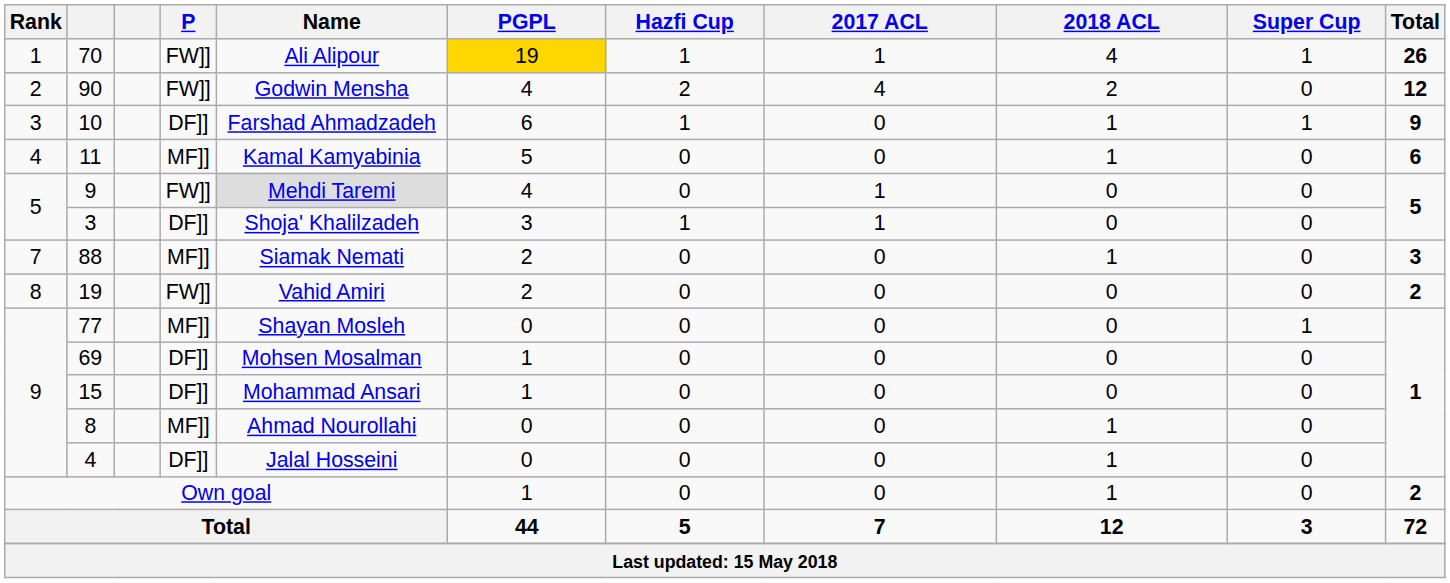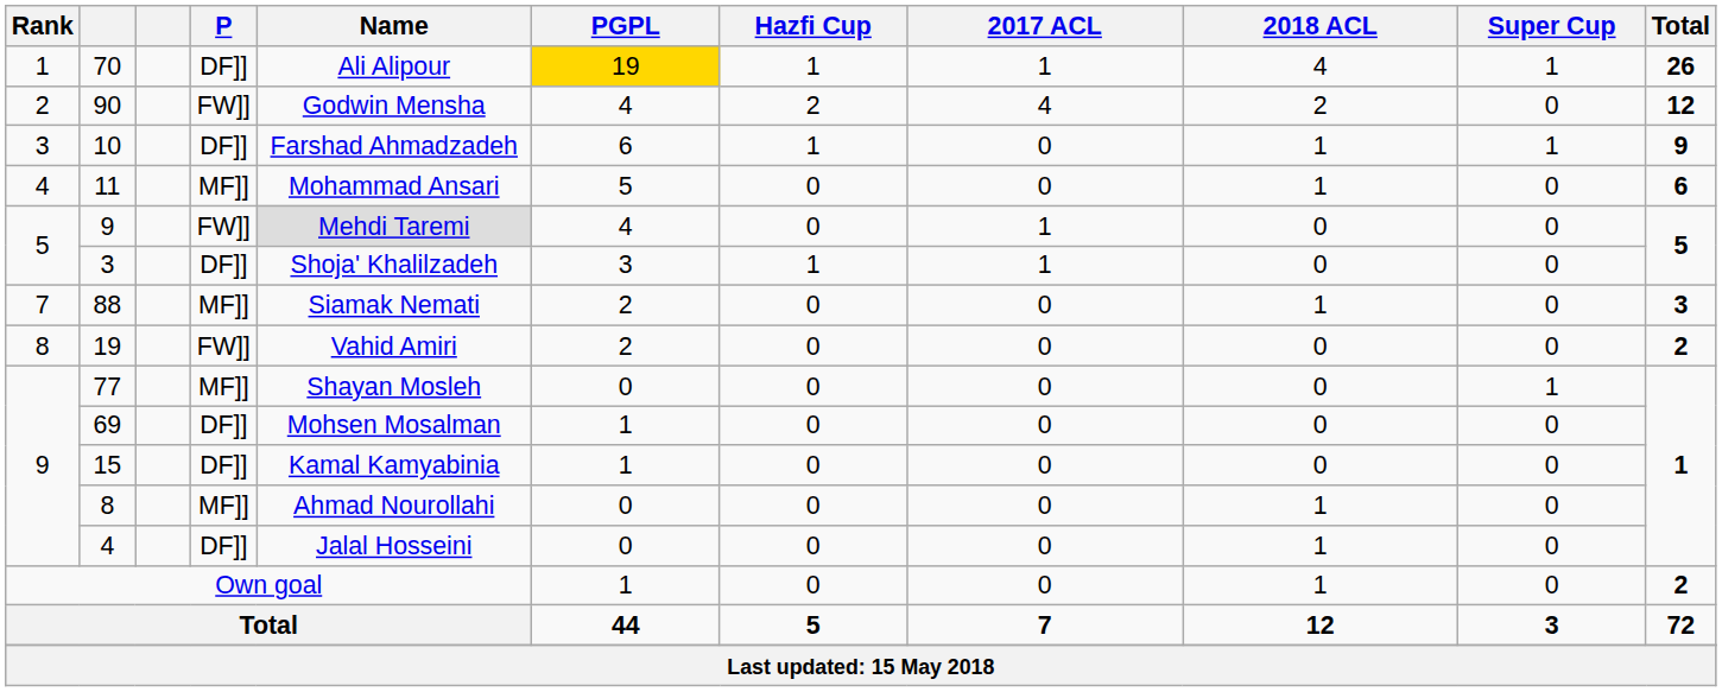 <table class="wikitable" style="text-align:center; font-size:90%">
 <tr>
 <th width=25>Rank</th>
 <th width=25></th>
 <th width=25></th>
 <th width=25><a href='#'>P</a></th>
 <th width=150>Name</th>
 <th width=100><a href='#'>PGPL</a></th>
 <th width=100><a href='#'>Hazfi Cup</a></th>
 <th width=150><a href='#'>2017 ACL</a></th>
 <th width=150><a href='#'>2018 ACL</a></th>
 <th width=100><a href='#'>Super Cup</a></th>
 <th>Total</th>
 </tr>
 <tr>
 <td>1</td>
 <td>70</td>
 <td></td>
-<td [[>FW]]</td>
+<td [[>DF]]</td>
 <td><a href='#'>Ali Alipour</a></td>
 <td style="background:Gold">19</td>
 <td>1</td>
 <td>1</td>
 <td>4</td>
 <td>1</td>
 <td><strong>26</strong></td>
 </tr>
 <tr>
 <td>2</td>
 <td>90</td>
 <td></td>
 <td [[>FW]]</td>
 <td><a href='#'>Godwin Mensha</a></td>
 <td>4</td>
 <td>2</td>
 <td>4</td>
 <td>2</td>
 <td>0</td>
 <td><strong>12</strong></td>
 </tr>
 <tr>
 <td>3</td>
 <td>10</td>
 <td></td>
 <td [[>DF]]</td>
 <td><a href='#'>Farshad Ahmadzadeh</a></td>
 <td>6</td>
 <td>1</td>
 <td>0</td>
 <td>1</td>
 <td>1</td>
 <td><strong>9</strong></td>
 </tr>
 <tr>
 <td>4</td>
 <td>11</td>
 <td></td>
 <td [[>MF]]</td>
-<td><a href='#'>Kamal Kamyabinia</a></td>
+<td><a href='#'>Mohammad Ansari</a></td>
 <td>5</td>
 <td>0</td>
 <td>0</td>
 <td>1</td>
 <td>0</td>
 <td><strong>6</strong></td>
 </tr>
 <tr>
 <td rowspan=2>5</td>
 <td>9</td>
 <td></td>
 <td [[>FW]]</td>
 <td style="background:#DDDDDD"><a href='#'>Mehdi Taremi</a></td>
 <td>4</td>
 <td>0</td>
 <td>1</td>
 <td>0</td>
 <td>0</td>
 <td rowspan=2><strong>5</strong></td>
 </tr>
 <tr>
 <td>3</td>
 <td></td>
 <td [[>DF]]</td>
 <td><a href='#'>Shoja' Khalilzadeh</a></td>
 <td>3</td>
 <td>1</td>
 <td>1</td>
 <td>0</td>
 <td>0</td>
 </tr>
 <tr>
 <td>7</td>
 <td>88</td>
 <td></td>
 <td [[>MF]]</td>
 <td><a href='#'>Siamak Nemati</a></td>
 <td>2</td>
 <td>0</td>
 <td>0</td>
 <td>1</td>
 <td>0</td>
 <td><strong>3</strong></td>
 </tr>
 <tr>
 <td>8</td>
 <td>19</td>
 <td></td>
 <td [[>FW]]</td>
 <td><a href='#'>Vahid Amiri</a></td>
 <td>2</td>
 <td>0</td>
 <td>0</td>
 <td>0</td>
 <td>0</td>
 <td><strong>2</strong></td>
 </tr>
 <tr>
 <td rowspan=5>9</td>
 <td>77</td>
 <td></td>
 <td [[>MF]]</td>
 <td><a href='#'>Shayan Mosleh</a></td>
 <td>0</td>
 <td>0</td>
 <td>0</td>
 <td>0</td>
 <td>1</td>
 <td rowspan=5><strong>1</strong></td>
 </tr>
 <tr>
 <td>69</td>
 <td></td>
 <td [[>DF]]</td>
 <td><a href='#'>Mohsen Mosalman</a></td>
 <td>1</td>
 <td>0</td>
 <td>0</td>
 <td>0</td>
 <td>0</td>
 </tr>
 <tr>
 <td>15</td>
 <td></td>
 <td [[>DF]]</td>
-<td><a href='#'>Mohammad Ansari</a></td>
+<td><a href='#'>Kamal Kamyabinia</a></td>
 <td>1</td>
 <td>0</td>
 <td>0</td>
 <td>0</td>
 <td>0</td>
 </tr>
 <tr>
 <td>8</td>
 <td></td>
 <td [[>MF]]</td>
 <td><a href='#'>Ahmad Nourollahi</a></td>
 <td>0</td>
 <td>0</td>
 <td>0</td>
 <td>1</td>
 <td>0</td>
 </tr>
 <tr>
 <td>4</td>
 <td></td>
 <td [[>DF]]</td>
 <td><a href='#'>Jalal Hosseini</a></td>
 <td>0</td>
 <td>0</td>
 <td>0</td>
 <td>1</td>
 <td>0</td>
 </tr>
 <tr>
 <td colspan=5><a href='#'>Own goal</a></td>
 <td>1</td>
 <td>0</td>
 <td>0</td>
 <td>1</td>
 <td>0</td>
 <td><strong>2</strong></td>
 </tr>
 <tr>
 <th colspan=5>Total</th>
 <td><strong>44</strong></td>
 <td><strong>5</strong></td>
 <td><strong>7</strong></td>
 <td><strong>12</strong></td>
 <td><strong>3</strong></td>
 <td><strong>72</strong></td>
 </tr>
 <tr>
 </tr>
 <tr align=left style="background:#DCDCDC">
 <th colspan=11><small>Last updated: 15 May 2018</small></th>
 </tr>
 </table>
